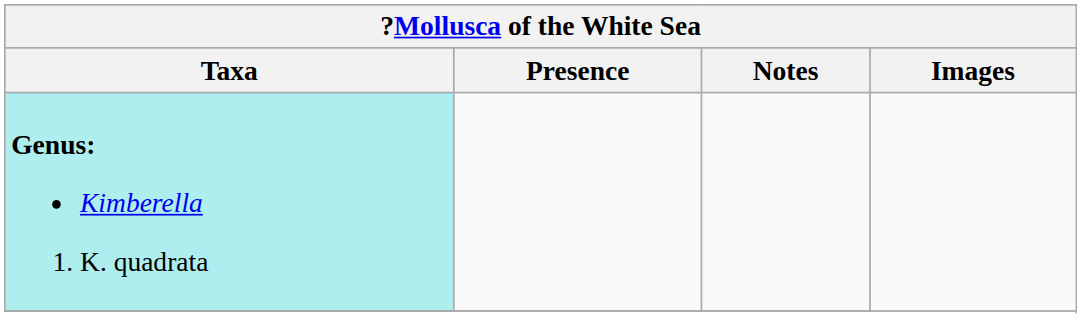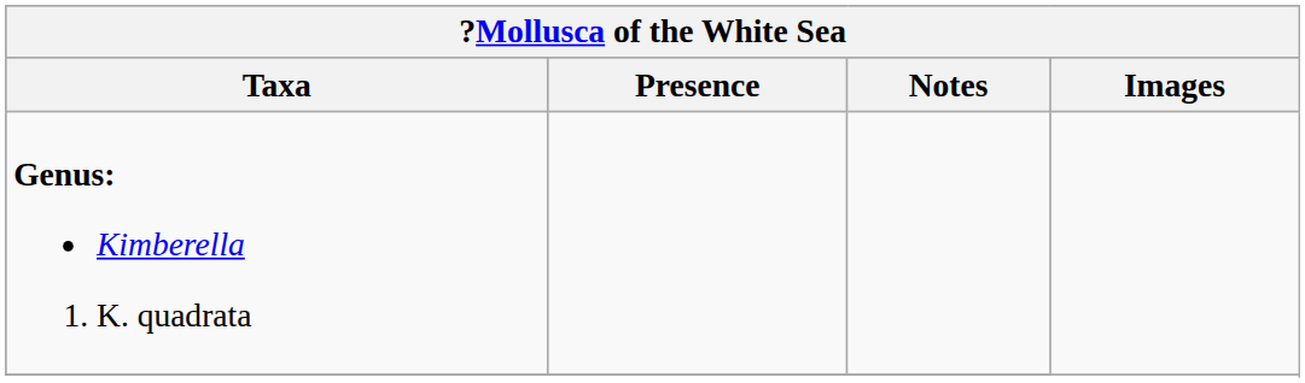 <table class="wikitable" align="center" width="100%">
 <tr>
 <th colspan="5" align="center"><strong>?<a href='#'>Mollusca</a> of the White Sea</strong></th>
 </tr>
 <tr>
 <th>Taxa</th>
 <th>Presence</th>
 <th>Notes</th>
 <th>Images</th>
 </tr>
 <tr>
-<td style="background: paleturquoise;"><br><strong>Genus:</strong><ul><li><em><a href='#'>Kimberella</a></em></li></ul><ol><li>K. quadrata</li></ol></td>
+<td><br><strong>Genus:</strong><ul><li><em><a href='#'>Kimberella</a></em></li></ul><ol><li>K. quadrata</li></ol></td>
 <td></td>
 <td></td>
 <td rowspan="99"><br><br></td>
 </tr>
 <tr>
 </tr>
 </table>
